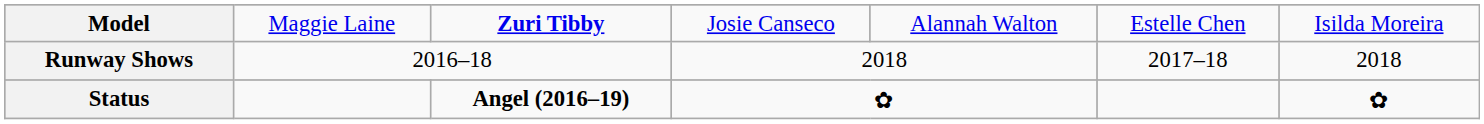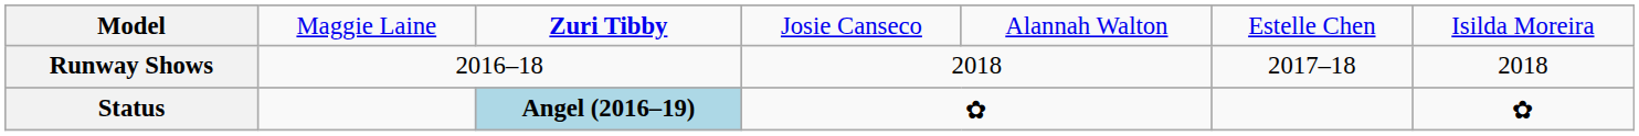 <table class="wikitable" style="font-size:85%; width:100%;" align="center">
 <tr>
 <th scope="row">Model</th>
 <td align="center"><em></em> <a href='#'>Maggie Laine</a></td>
 <td align="center"><em></em> <strong><a href='#'>Zuri Tibby</a></strong></td>
 <td align="center"> <a href='#'>Josie Canseco</a></td>
 <td align="center"> <a href='#'>Alannah Walton</a></td>
 <td align="center"><em></em> <a href='#'>Estelle Chen</a></td>
 <td align="center"> <a href='#'>Isilda Moreira</a></td>
 </tr>
 <tr>
 <th scope="row">Runway Shows</th>
 <td colspan="2" align="center">2016–18</td>
 <td colspan="2" align="center">2018</td>
 <td align="center">2017–18</td>
 <td align="center">2018</td>
 </tr>
 <tr>
 <th>Status</th>
 <td align="center"></td>
-<td align="center"><strong> Angel (2016–19)</strong></td>
+<td align="center" style="background: lightblue;"><strong> Angel (2016–19)</strong></td>
 <td colspan="2" align="center">✿</td>
 <td align="center"></td>
 <td align="center">✿</td>
 </tr>
 </table>
